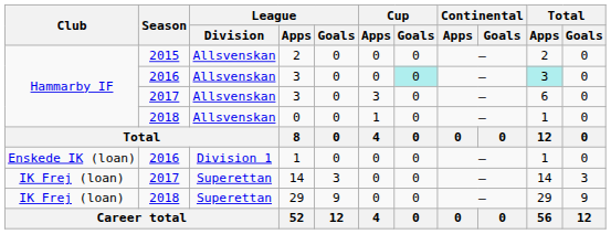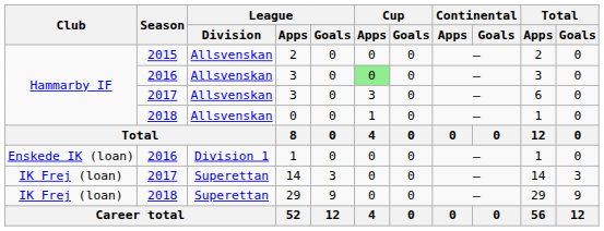 <table class="wikitable" style="text-align:center;">
 <tr>
 <th rowspan="2">Club</th>
 <th rowspan="2">Season</th>
 <th colspan="3">League</th>
 <th colspan="2">Cup</th>
 <th colspan="2">Continental</th>
 <th colspan="2">Total</th>
 </tr>
 <tr>
 <th>Division</th>
 <th>Apps</th>
 <th>Goals</th>
 <th>Apps</th>
 <th>Goals</th>
 <th>Apps</th>
 <th>Goals</th>
 <th>Apps</th>
 <th>Goals</th>
 </tr>
 <tr>
 <td rowspan="4"><a href='#'>Hammarby IF</a></td>
 <td><a href='#'>2015</a></td>
 <td><a href='#'>Allsvenskan</a></td>
 <td>2</td>
 <td>0</td>
 <td>0</td>
 <td>0</td>
 <td colspan="2">—</td>
 <td>2</td>
 <td>0</td>
 </tr>
 <tr>
 <td><a href='#'>2016</a></td>
 <td><a href='#'>Allsvenskan</a></td>
 <td>3</td>
 <td>0</td>
+<td style="background: lightgreen;">0</td>
 <td>0</td>
-<td style="background: paleturquoise;">0</td>
 <td colspan="2">—</td>
-<td style="background: paleturquoise;">3</td>
+<td>3</td>
 <td>0</td>
 </tr>
 <tr>
 <td><a href='#'>2017</a></td>
 <td><a href='#'>Allsvenskan</a></td>
 <td>3</td>
 <td>0</td>
 <td>3</td>
 <td>0</td>
 <td colspan="2">—</td>
 <td>6</td>
 <td>0</td>
 </tr>
 <tr>
 <td><a href='#'>2018</a></td>
 <td><a href='#'>Allsvenskan</a></td>
 <td>0</td>
 <td>0</td>
 <td>1</td>
 <td>0</td>
 <td colspan="2">—</td>
 <td>1</td>
 <td>0</td>
 </tr>
 <tr>
 <th colspan=3>Total</th>
 <th>8</th>
 <th>0</th>
 <th>4</th>
 <th>0</th>
 <th>0</th>
 <th>0</th>
 <th>12</th>
 <th>0</th>
 </tr>
 <tr>
 <td rowspan=1><a href='#'>Enskede IK</a> (loan)</td>
 <td><a href='#'>2016</a></td>
 <td><a href='#'>Division 1</a></td>
 <td>1</td>
 <td>0</td>
 <td>0</td>
 <td>0</td>
 <td colspan="2">—</td>
 <td>1</td>
 <td>0</td>
 </tr>
 <tr>
 <td><a href='#'>IK Frej</a> (loan)</td>
 <td><a href='#'>2017</a></td>
 <td><a href='#'>Superettan</a></td>
 <td>14</td>
 <td>3</td>
 <td>0</td>
 <td>0</td>
 <td colspan="2">—</td>
 <td>14</td>
 <td>3</td>
 </tr>
 <tr>
 <td><a href='#'>IK Frej</a> (loan)</td>
 <td><a href='#'>2018</a></td>
 <td><a href='#'>Superettan</a></td>
 <td>29</td>
 <td>9</td>
 <td>0</td>
 <td>0</td>
 <td colspan="2">—</td>
 <td>29</td>
 <td>9</td>
 </tr>
 <tr>
 <th colspan="3">Career total</th>
 <th>52</th>
 <th>12</th>
 <th>4</th>
 <th>0</th>
 <th>0</th>
 <th>0</th>
 <th>56</th>
 <th>12</th>
 </tr>
 </table>
